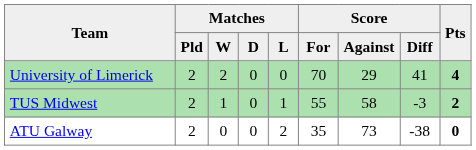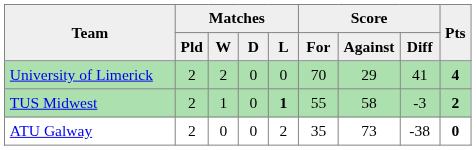 <table style=border-collapse:collapse border=1 cellspacing=0 cellpadding=5>
 <tr align=center bgcolor=#efefef>
 <th rowspan=2 width=165>Team</th>
 <th colspan=4>Matches</th>
 <th colspan=3>Score</th>
 <th rowspan=2width=20>Pts</th>
 </tr>
 <tr align=center bgcolor=#efefef>
 <th width=20>Pld</th>
 <th width=20>W</th>
 <th width=20>D</th>
 <th width=20>L</th>
 <th width=30>For</th>
 <th width=30>Against</th>
 <th width=30>Diff</th>
 </tr>
 <tr align=center style="background:#ACE1AF;">
 <td style="text-align:left;"><a href='#'>University of Limerick</a></td>
 <td>2</td>
 <td>2</td>
 <td>0</td>
 <td>0</td>
 <td>70</td>
 <td>29</td>
 <td>41</td>
 <td><strong>4</strong></td>
 </tr>
 <tr align=center style="background:#ACE1AF;">
 <td style="text-align:left;"><a href='#'>TUS Midwest</a></td>
 <td>2</td>
 <td>1</td>
 <td>0</td>
-<td>1</td>
+<td><strong>1</strong></td>
 <td>55</td>
 <td>58</td>
 <td>-3</td>
 <td><strong>2</strong></td>
 </tr>
 <tr align=center>
 <td style="text-align:left;"><a href='#'>ATU Galway</a></td>
 <td>2</td>
 <td>0</td>
 <td>0</td>
 <td>2</td>
 <td>35</td>
 <td>73</td>
 <td>-38</td>
 <td><strong>0</strong></td>
 </tr>
 </table>
